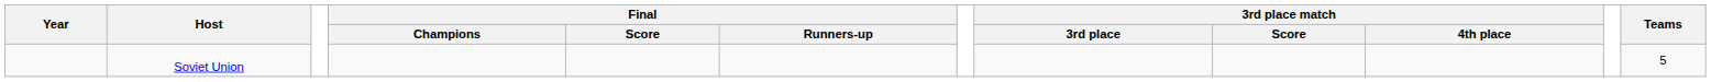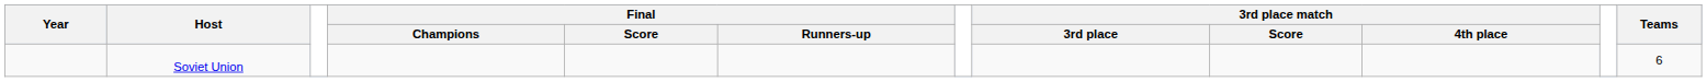 <table class="wikitable" style="font-size:90%; width: 100%; text-align: center;">
 <tr style="background-color:#c1d8ff;">
 <th rowspan=2 width=6%>Year</th>
 <th rowspan=2 width=12%>Host</th>
 <th width=1% rowspan=3 style="background-color:#ffffff;"></th>
 <th colspan=3>Final</th>
 <th width=1% rowspan=3 style="background-color:#ffffff;"></th>
 <th colspan=3>3rd place match</th>
 <th width=1% rowspan=3 style="background-color:#ffffff;"></th>
 <th rowspan=2 width=5%>Teams</th>
 </tr>
 <tr style="background-color:#efefef;">
 <th width=14%>Champions</th>
 <th width=9%>Score</th>
 <th width=14%>Runners-up</th>
 <th width=14%>3rd place</th>
 <th width=9%>Score</th>
 <th width=14%>4th place</th>
 </tr>
 <tr>
 <td></td>
 <td><br><a href='#'>Soviet Union</a></td>
 <td><strong></strong></td>
 <td></td>
 <td></td>
 <td></td>
 <td></td>
 <td></td>
-<td>5</td>
+<td>6</td>
 </tr>
 </table>
